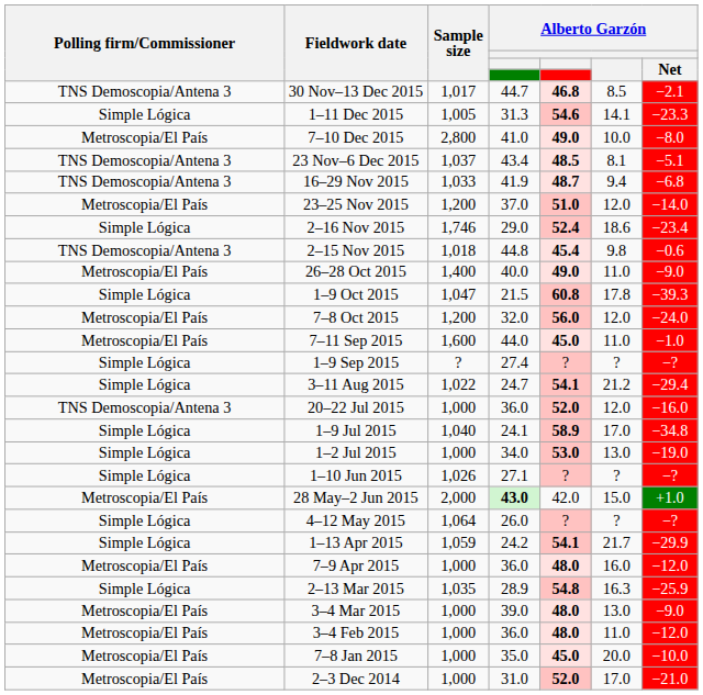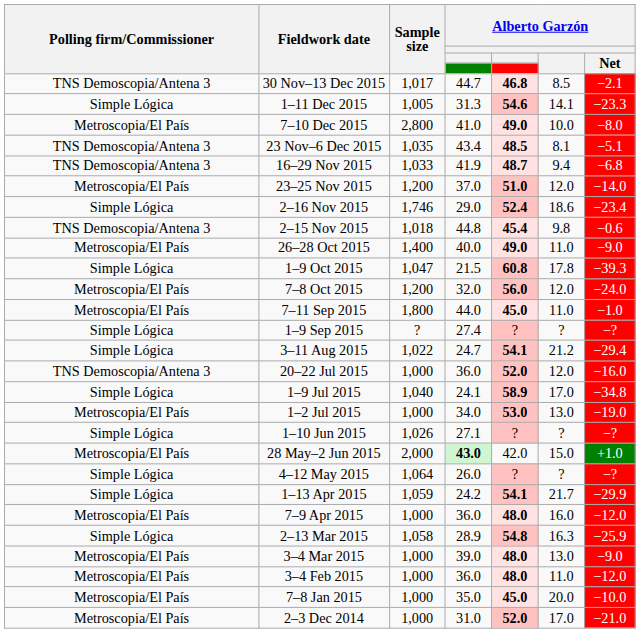 <table class="wikitable collapsible collapsed" style="text-align:center; font-size:90%; line-height:14px;">
 <tr style="height:42px;">
 <th style="width:250px;" rowspan="4">Polling firm/Commissioner</th>
 <th style="width:125px;" rowspan="4">Fieldwork date</th>
 <th style="width:50px;" rowspan="4">Sample size</th>
 <th style="width:185px;" colspan="4"><a href='#'>Alberto Garzón</a><br></th>
 </tr>
 <tr>
 <th colspan="4" style="background:"></th>
 </tr>
 <tr>
 <th style="width:30px;"></th>
 <th style="width:30px;"></th>
 <th style="width:30px;" rowspan="2"></th>
 <th style="width:30px;" rowspan="2">Net</th>
 </tr>
 <tr>
 <th style="color:inherit;background:#008000;"></th>
 <th style="color:inherit;background:#FF0000;"></th>
 </tr>
 <tr>
 <td>TNS Demoscopia/Antena 3</td>
 <td>30 Nov–13 Dec 2015</td>
 <td>1,017</td>
 <td>44.7</td>
 <td style="background:#FFE2E1;"><strong>46.8</strong></td>
 <td>8.5</td>
 <td style="background:#FF0000; color:white;">−2.1</td>
 </tr>
 <tr>
 <td>Simple Lógica</td>
 <td>1–11 Dec 2015</td>
 <td>1,005</td>
 <td>31.3</td>
 <td style="background:#FFC2C1;"><strong>54.6</strong></td>
 <td>14.1</td>
 <td style="background:#FF0000; color:white;">−23.3</td>
 </tr>
 <tr>
 <td>Metroscopia/El País</td>
 <td>7–10 Dec 2015</td>
 <td>2,800</td>
 <td>41.0</td>
 <td style="background:#FFE2E1;"><strong>49.0</strong></td>
 <td>10.0</td>
 <td style="background:#FF0000; color:white;">−8.0</td>
 </tr>
 <tr>
 <td>TNS Demoscopia/Antena 3</td>
 <td>23 Nov–6 Dec 2015</td>
-<td>1,037</td>
+<td>1,035</td>
 <td>43.4</td>
 <td style="background:#FFE2E1;"><strong>48.5</strong></td>
 <td>8.1</td>
 <td style="background:#FF0000; color:white;">−5.1</td>
 </tr>
 <tr>
 <td>TNS Demoscopia/Antena 3</td>
 <td>16–29 Nov 2015</td>
 <td>1,033</td>
 <td>41.9</td>
 <td style="background:#FFE2E1;"><strong>48.7</strong></td>
 <td>9.4</td>
 <td style="background:#FF0000; color:white;">−6.8</td>
 </tr>
 <tr>
 <td>Metroscopia/El País</td>
 <td>23–25 Nov 2015</td>
 <td>1,200</td>
 <td>37.0</td>
 <td style="background:#FFC2C1;"><strong>51.0</strong></td>
 <td>12.0</td>
 <td style="background:#FF0000; color:white;">−14.0</td>
 </tr>
 <tr>
 <td>Simple Lógica</td>
 <td>2–16 Nov 2015</td>
 <td>1,746</td>
 <td>29.0</td>
 <td style="background:#FFC2C1;"><strong>52.4</strong></td>
 <td>18.6</td>
 <td style="background:#FF0000; color:white;">−23.4</td>
 </tr>
 <tr>
 <td>TNS Demoscopia/Antena 3</td>
 <td>2–15 Nov 2015</td>
 <td>1,018</td>
 <td>44.8</td>
 <td style="background:#FFE2E1;"><strong>45.4</strong></td>
 <td>9.8</td>
 <td style="background:#FF0000; color:white;">−0.6</td>
 </tr>
 <tr>
 <td>Metroscopia/El País</td>
 <td>26–28 Oct 2015</td>
 <td>1,400</td>
 <td>40.0</td>
 <td style="background:#FFE2E1;"><strong>49.0</strong></td>
 <td>11.0</td>
 <td style="background:#FF0000; color:white;">−9.0</td>
 </tr>
 <tr>
 <td>Simple Lógica</td>
 <td>1–9 Oct 2015</td>
 <td>1,047</td>
 <td>21.5</td>
 <td style="background:#FFC2C1;"><strong>60.8</strong></td>
 <td>17.8</td>
 <td style="background:#FF0000; color:white;">−39.3</td>
 </tr>
 <tr>
 <td>Metroscopia/El País</td>
 <td>7–8 Oct 2015</td>
 <td>1,200</td>
 <td>32.0</td>
 <td style="background:#FFC2C1;"><strong>56.0</strong></td>
 <td>12.0</td>
 <td style="background:#FF0000; color:white;">−24.0</td>
 </tr>
 <tr>
 <td>Metroscopia/El País</td>
 <td>7–11 Sep 2015</td>
-<td>1,600</td>
+<td>1,800</td>
 <td>44.0</td>
 <td style="background:#FFE2E1;"><strong>45.0</strong></td>
 <td>11.0</td>
 <td style="background:#FF0000; color:white;">−1.0</td>
 </tr>
 <tr>
 <td>Simple Lógica</td>
 <td>1–9 Sep 2015</td>
 <td>?</td>
 <td>27.4</td>
 <td style="background:#FFC2C1;">?</td>
 <td>?</td>
 <td style="background:#FF0000; color:white;">−?</td>
 </tr>
 <tr>
 <td>Simple Lógica</td>
 <td>3–11 Aug 2015</td>
 <td>1,022</td>
 <td>24.7</td>
 <td style="background:#FFC2C1;"><strong>54.1</strong></td>
 <td>21.2</td>
 <td style="background:#FF0000; color:white;">−29.4</td>
 </tr>
 <tr>
 <td>TNS Demoscopia/Antena 3</td>
 <td>20–22 Jul 2015</td>
 <td>1,000</td>
 <td>36.0</td>
 <td style="background:#FFC2C1;"><strong>52.0</strong></td>
 <td>12.0</td>
 <td style="background:#FF0000; color:white;">−16.0</td>
 </tr>
 <tr>
 <td>Simple Lógica</td>
 <td>1–9 Jul 2015</td>
 <td>1,040</td>
 <td>24.1</td>
 <td style="background:#FFC2C1;"><strong>58.9</strong></td>
 <td>17.0</td>
 <td style="background:#FF0000; color:white;">−34.8</td>
 </tr>
 <tr>
-<td>Simple Lógica</td>
+<td>Metroscopia/El País</td>
 <td>1–2 Jul 2015</td>
 <td>1,000</td>
 <td>34.0</td>
 <td style="background:#FFC2C1;"><strong>53.0</strong></td>
 <td>13.0</td>
 <td style="background:#FF0000; color:white;">−19.0</td>
 </tr>
 <tr>
 <td>Simple Lógica</td>
 <td>1–10 Jun 2015</td>
 <td>1,026</td>
 <td>27.1</td>
 <td style="background:#FFC2C1;">?</td>
 <td>?</td>
 <td style="background:#FF0000; color:white;">−?</td>
 </tr>
 <tr>
 <td>Metroscopia/El País</td>
 <td>28 May–2 Jun 2015</td>
 <td>2,000</td>
 <td style="background:#D1F5D1;"><strong>43.0</strong></td>
 <td>42.0</td>
 <td>15.0</td>
 <td style="background:#008000; color:white;">+1.0</td>
 </tr>
 <tr>
 <td>Simple Lógica</td>
 <td>4–12 May 2015</td>
 <td>1,064</td>
 <td>26.0</td>
 <td style="background:#FFC2C1;">?</td>
 <td>?</td>
 <td style="background:#FF0000; color:white;">−?</td>
 </tr>
 <tr>
 <td>Simple Lógica</td>
 <td>1–13 Apr 2015</td>
 <td>1,059</td>
 <td>24.2</td>
 <td style="background:#FFC2C1;"><strong>54.1</strong></td>
 <td>21.7</td>
 <td style="background:#FF0000; color:white;">−29.9</td>
 </tr>
 <tr>
 <td>Metroscopia/El País</td>
 <td>7–9 Apr 2015</td>
 <td>1,000</td>
 <td>36.0</td>
 <td style="background:#FFE2E1;"><strong>48.0</strong></td>
 <td>16.0</td>
 <td style="background:#FF0000; color:white;">−12.0</td>
 </tr>
 <tr>
 <td>Simple Lógica</td>
 <td>2–13 Mar 2015</td>
-<td>1,035</td>
+<td>1,058</td>
 <td>28.9</td>
 <td style="background:#FFC2C1;"><strong>54.8</strong></td>
 <td>16.3</td>
 <td style="background:#FF0000; color:white;">−25.9</td>
 </tr>
 <tr>
 <td>Metroscopia/El País</td>
 <td>3–4 Mar 2015</td>
 <td>1,000</td>
 <td>39.0</td>
 <td style="background:#FFE2E1;"><strong>48.0</strong></td>
 <td>13.0</td>
 <td style="background:#FF0000; color:white;">−9.0</td>
 </tr>
 <tr>
 <td>Metroscopia/El País</td>
 <td>3–4 Feb 2015</td>
 <td>1,000</td>
 <td>36.0</td>
 <td style="background:#FFE2E1;"><strong>48.0</strong></td>
 <td>11.0</td>
 <td style="background:#FF0000; color:white;">−12.0</td>
 </tr>
 <tr>
 <td>Metroscopia/El País</td>
 <td>7–8 Jan 2015</td>
 <td>1,000</td>
 <td>35.0</td>
 <td style="background:#FFE2E1;"><strong>45.0</strong></td>
 <td>20.0</td>
 <td style="background:#FF0000; color:white;">−10.0</td>
 </tr>
 <tr>
 <td>Metroscopia/El País</td>
 <td>2–3 Dec 2014</td>
 <td>1,000</td>
 <td>31.0</td>
 <td style="background:#FFC2C1;"><strong>52.0</strong></td>
 <td>17.0</td>
 <td style="background:#FF0000; color:white;">−21.0</td>
 </tr>
 </table>
